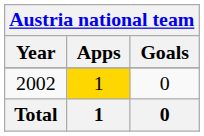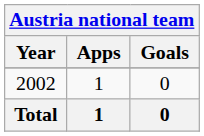 <table class="wikitable" style="text-align:center">
 <tr>
 <th colspan=3><a href='#'>Austria national team</a></th>
 </tr>
 <tr>
 <th>Year</th>
 <th>Apps</th>
 <th>Goals</th>
 </tr>
 <tr>
 </tr>
 <tr>
 <td>2002</td>
-<td style="background: gold;">1</td>
+<td>1</td>
 <td>0</td>
 </tr>
 <tr>
 <th>Total</th>
 <th>1</th>
 <th>0</th>
 </tr>
 </table>
